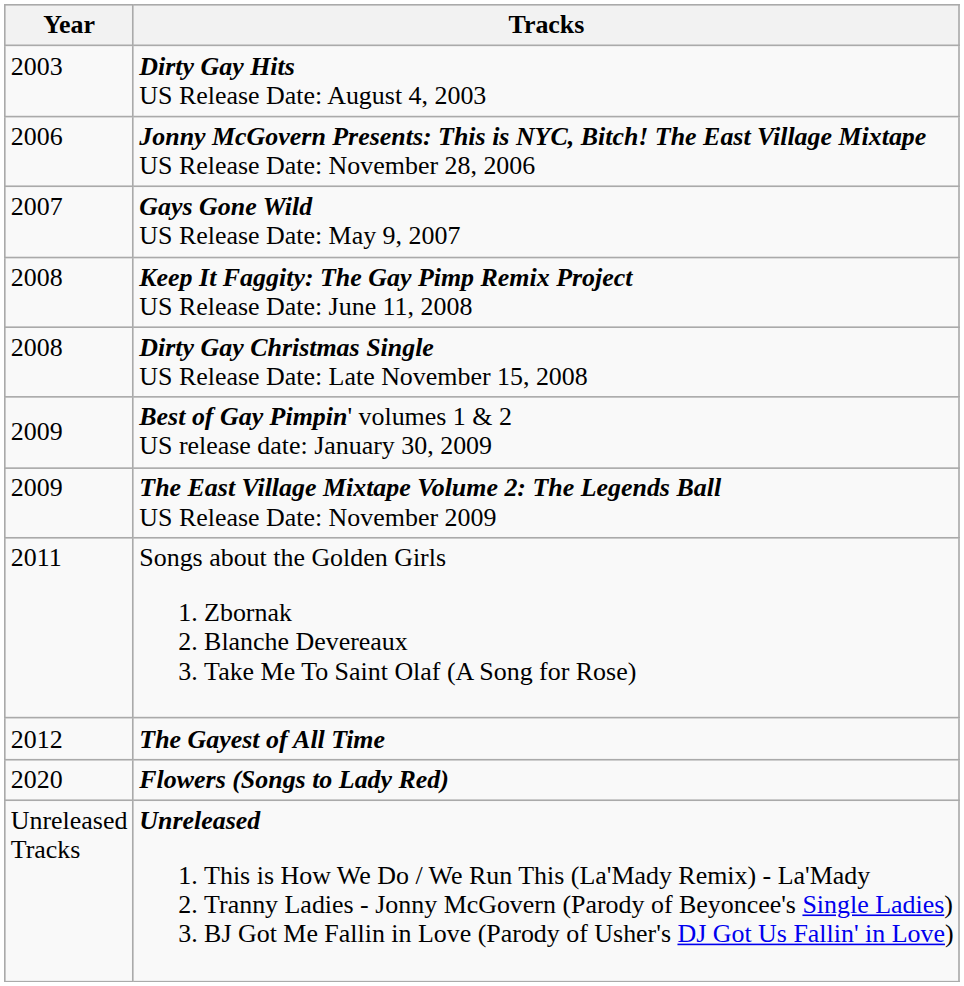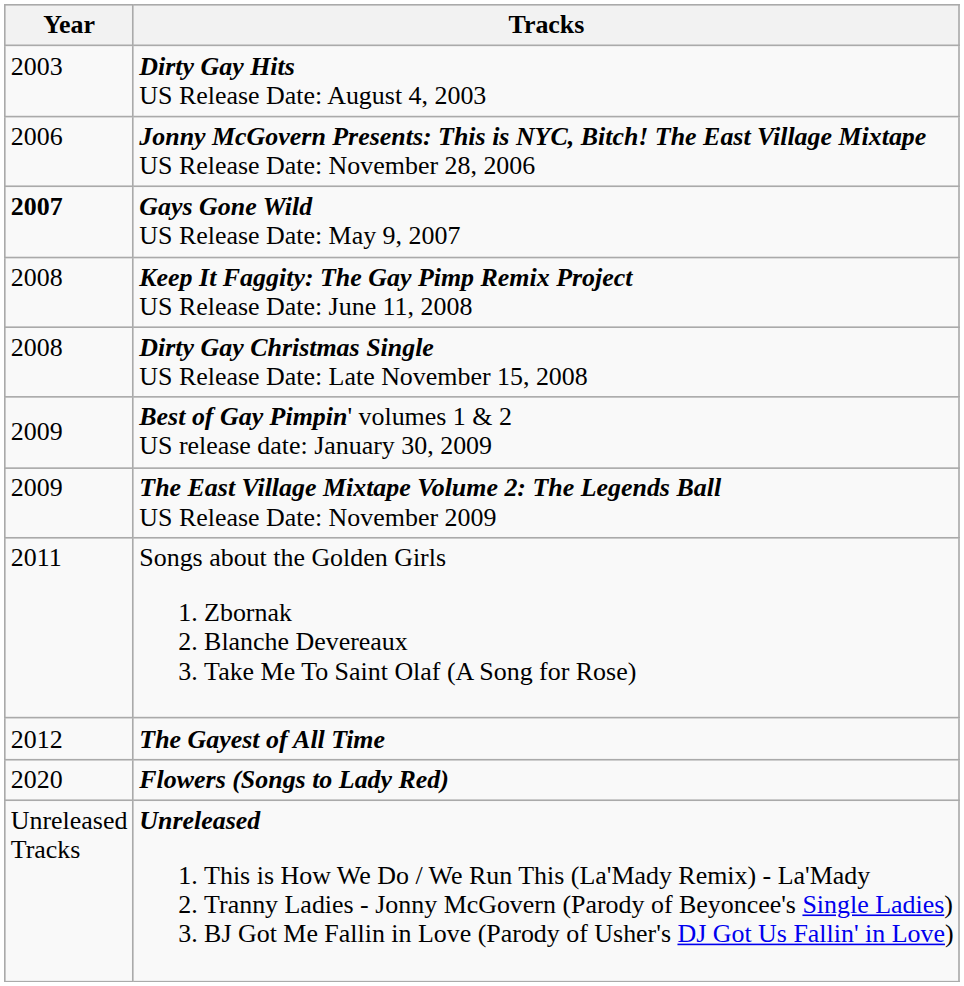 <table class="wikitable">
 <tr>
 <th align="left" valign="top" width="40">Year</th>
 <th align="left" valign="top">Tracks</th>
 </tr>
 <tr>
 <td align="left" valign="top">2003</td>
 <td align="left" valign="top"><strong><em>Dirty Gay Hits</em></strong><br>US Release Date: August 4, 2003</td>
 </tr>
 <tr>
 <td align="left" valign="top">2006</td>
 <td align="left" valign="top"><strong><em>Jonny McGovern Presents: This is NYC, Bitch! The East Village Mixtape</em></strong><br>US Release Date: November 28, 2006</td>
 </tr>
 <tr>
-<td align="left" valign="top">2007</td>
+<td align="left" valign="top"><strong>2007</strong></td>
 <td align="left" valign="top"><strong><em>Gays Gone Wild</em></strong><br>US Release Date: May 9, 2007</td>
 </tr>
 <tr>
 <td align="left" valign="top">2008</td>
 <td align="left" valign="top"><strong><em>Keep It Faggity: The Gay Pimp Remix Project</em></strong><br>US Release Date: June 11, 2008</td>
 </tr>
 <tr>
 <td align="left" valign="top">2008</td>
 <td align="left" valign="top"><strong><em>Dirty Gay Christmas Single</em></strong><br>US Release Date: Late November 15, 2008</td>
 </tr>
 <tr>
 <td>2009</td>
 <td><strong><em>Best of Gay Pimpin</em></strong>' volumes 1 & 2<br>US release date: January 30, 2009</td>
 </tr>
 <tr>
 <td align="left" valign="top">2009</td>
 <td align="left" valign="top"><strong><em>The East Village Mixtape Volume 2: The Legends Ball</em></strong><br>US Release Date: November 2009</td>
 </tr>
 <tr>
 <td align="left" valign="top">2011</td>
 <td align="left" valign="top">Songs about the Golden Girls<br><ol><li>Zbornak</li><li>Blanche Devereaux</li><li>Take Me To Saint Olaf (A Song for Rose)</li></ol></td>
 </tr>
 <tr>
 <td align="left" valign="top">2012</td>
 <td align="left" valign="top"><strong><em>The Gayest of All Time</em></strong></td>
 </tr>
 <tr>
 <td>2020</td>
 <td><strong><em>Flowers (Songs to Lady Red)</em></strong> </td>
 </tr>
 <tr>
 <td align="left" valign="top">Unreleased Tracks</td>
 <td align="left" valign="top"><strong><em>Unreleased</em></strong><br><ol><li>This is How We Do / We Run This (La'Mady Remix) - La'Mady</li><li>Tranny Ladies - Jonny McGovern (Parody of Beyoncee's <a href='#'>Single Ladies</a>)</li><li>BJ Got Me Fallin in Love (Parody of Usher's <a href='#'>DJ Got Us Fallin' in Love</a>)</li></ol></td>
 </tr>
 </table>
